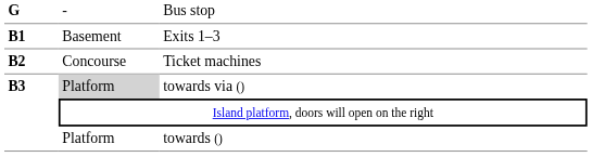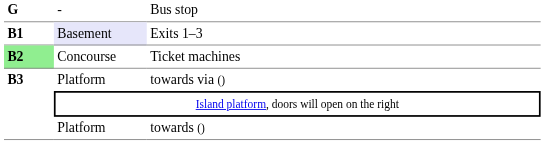 <table table border=0 cellspacing=0 cellpadding=4>
 <tr>
 <td style = "border-bottom:solid 1px gray;" rowspan=1 valign=top><strong>G</strong></td>
 <td style = "border-bottom:solid 1px gray;" valign=top>-</td>
 <td style = "border-bottom:solid 1px gray;" valign=top>Bus stop</td>
 </tr>
 <tr>
 <td style = "border-bottom:solid 1px gray;" rowspan=1 valign=top><strong>B1</strong></td>
-<td style = "border-bottom:solid 1px gray;" valign=top>Basement</td>
+<td style = "background: lavender; border-bottom:solid 1px gray;" valign=top>Basement</td>
 <td style = "border-bottom:solid 1px gray;" valign=top>Exits 1–3</td>
 </tr>
 <tr>
-<td style = "border-bottom:solid 1px gray;" rowspan=1 valign=top><strong>B2</strong></td>
+<td style = "background: lightgreen; border-bottom:solid 1px gray;" rowspan=1 valign=top><strong>B2</strong></td>
 <td style = "border-bottom:solid 1px gray;" valign=top>Concourse</td>
 <td style = "border-bottom:solid 1px gray;" valign=top>Ticket machines</td>
 </tr>
 <tr>
 <td style="border-bottom:solid 1px gray;" rowspan=3 valign=top width=50><strong>B3</strong></td>
-<td width=100 style="background: lightgrey;">Platform </td>
+<td width=100>Platform </td>
 <td width=450> towards  via  <small>()</small></td>
 </tr>
 <tr>
 <td style = "border-top:solid 2px black;border-right:solid 2px black;border-left:solid 2px black;border-bottom:solid 2px black; text-align:center;" colspan=2><small><a href='#'>Island platform</a>, doors will open on the right</small></td>
 </tr>
 <tr>
 <td style="border-bottom:solid 1px gray;" width=100>Platform </td>
 <td style="border-bottom:solid 1px gray;" width=450> towards  <small>()</small></td>
 </tr>
 </table>
